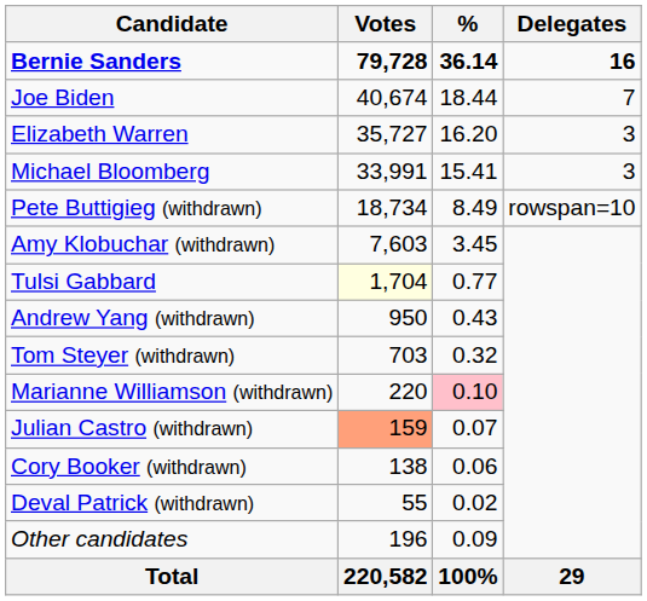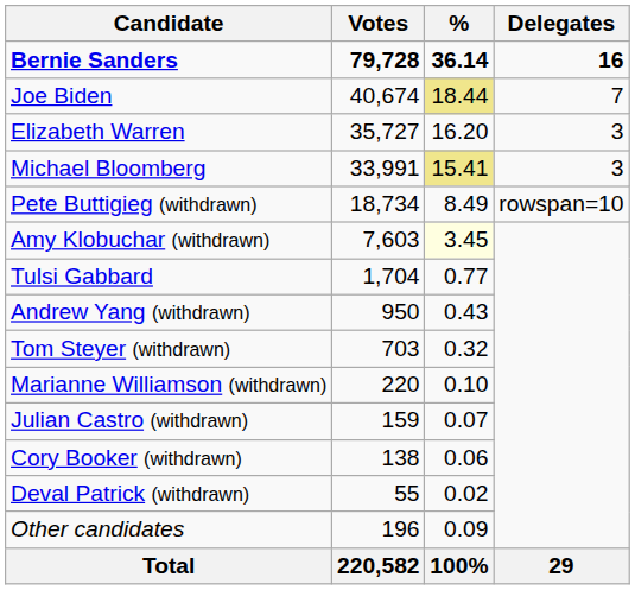 <table class="wikitable sortable" style="text-align:right;">
 <tr>
 <th>Candidate</th>
 <th>Votes</th>
 <th>%</th>
 <th>Delegates</th>
 </tr>
 <tr>
 <td style="text-align:left;" data-sort-value="Sanders, Bernie"><strong><a href='#'>Bernie Sanders</a></strong></td>
 <td><strong>79,728</strong></td>
 <td><strong>36.14</strong></td>
 <td><strong>16</strong></td>
 </tr>
 <tr>
 <td style="text-align:left;" data-sort-value="Biden, Joe"><a href='#'>Joe Biden</a></td>
 <td>40,674</td>
-<td>18.44</td>
+<td style="background: khaki;">18.44</td>
 <td>7</td>
 </tr>
 <tr>
 <td style="text-align:left;" data-sort-value="Warren, Elizabeth"><a href='#'>Elizabeth Warren</a></td>
 <td>35,727</td>
 <td>16.20</td>
 <td>3</td>
 </tr>
 <tr>
 <td style="text-align:left;" data-sort-value="Bloomberg, Michael"><a href='#'>Michael Bloomberg</a></td>
 <td>33,991</td>
-<td>15.41</td>
+<td style="background: khaki;">15.41</td>
 <td>3</td>
 </tr>
 <tr>
 <td style="text-align:left;" data-sort-value="Buttigieg, Pete"><a href='#'>Pete Buttigieg</a> <small>(withdrawn)</small></td>
 <td>18,734</td>
 <td>8.49</td>
 <td>rowspan=10 </td>
 </tr>
 <tr>
 <td style="text-align:left;" data-sort-value="Klobuchar, Amy"><a href='#'>Amy Klobuchar</a> <small>(withdrawn)</small></td>
 <td>7,603</td>
-<td>3.45</td>
+<td style="background: lightyellow;">3.45</td>
 </tr>
 <tr>
 <td style="text-align:left;" data-sort-value="Gabbard, Tulsi"><a href='#'>Tulsi Gabbard</a></td>
-<td style="background: lightyellow;">1,704</td>
+<td>1,704</td>
 <td>0.77</td>
 </tr>
 <tr>
 <td style="text-align:left;" data-sort-value="Yang, Andrew"><a href='#'>Andrew Yang</a> <small>(withdrawn)</small></td>
 <td>950</td>
 <td>0.43</td>
 </tr>
 <tr>
 <td style="text-align:left;" data-sort-value="Steyer, Tom"><a href='#'>Tom Steyer</a> <small>(withdrawn)</small></td>
 <td>703</td>
 <td>0.32</td>
 </tr>
 <tr>
 <td style="text-align:left;" data-sort-value="Williamson, Marianne"><a href='#'>Marianne Williamson</a> <small>(withdrawn)</small></td>
 <td>220</td>
-<td style="background: pink;">0.10</td>
+<td>0.10</td>
 </tr>
 <tr>
 <td style="text-align:left;" data-sort-value="Castro, Julian"><a href='#'>Julian Castro</a> <small>(withdrawn)</small></td>
-<td style="background: lightsalmon;">159</td>
+<td>159</td>
 <td>0.07</td>
 </tr>
 <tr>
 <td style="text-align:left;" data-sort-value="Booker, Cory"><a href='#'>Cory Booker</a> <small>(withdrawn)</small></td>
 <td>138</td>
 <td>0.06</td>
 </tr>
 <tr>
 <td style="text-align:left;" data-sort-value="Patrick, Deval"><a href='#'>Deval Patrick</a> <small>(withdrawn)</small></td>
 <td>55</td>
 <td>0.02</td>
 </tr>
 <tr>
 <td style="text-align:left;" data-sort-value="ZZ"><em>Other candidates</em></td>
 <td>196</td>
 <td>0.09</td>
 </tr>
 <tr>
 <th>Total</th>
 <th>220,582</th>
 <th>100%</th>
 <th>29</th>
 </tr>
 </table>
